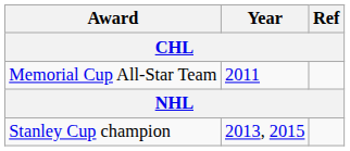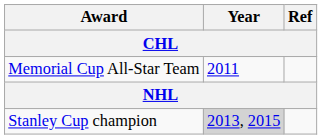 <table class="wikitable">
 <tr>
 <th>Award</th>
 <th>Year</th>
 <th>Ref</th>
 </tr>
 <tr>
 <th colspan="3"><a href='#'>CHL</a></th>
 </tr>
 <tr>
 <td><a href='#'>Memorial Cup</a> All-Star Team</td>
 <td><a href='#'>2011</a></td>
 <td></td>
 </tr>
 <tr>
 <th colspan="3"><a href='#'>NHL</a></th>
 </tr>
 <tr>
 <td><a href='#'>Stanley Cup</a> champion</td>
-<td><a href='#'>2013</a>, <a href='#'>2015</a></td>
+<td style="background: lightgrey;"><a href='#'>2013</a>, <a href='#'>2015</a></td>
 <td></td>
 </tr>
 </table>
